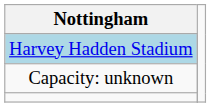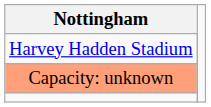 <table class="wikitable" style="text-align:center; margin:1em auto;">
 <tr>
 <th colspan="2">Nottingham</th>
 <td rowspan=4></td>
 </tr>
 <tr>
-<td style="background: lightblue;"><a href='#'>Harvey Hadden Stadium</a></td>
+<td><a href='#'>Harvey Hadden Stadium</a></td>
 </tr>
 <tr>
-<td>Capacity: unknown</td>
+<td style="background: lightsalmon;">Capacity: unknown</td>
 </tr>
 <tr>
 <td></td>
 </tr>
 </table>
